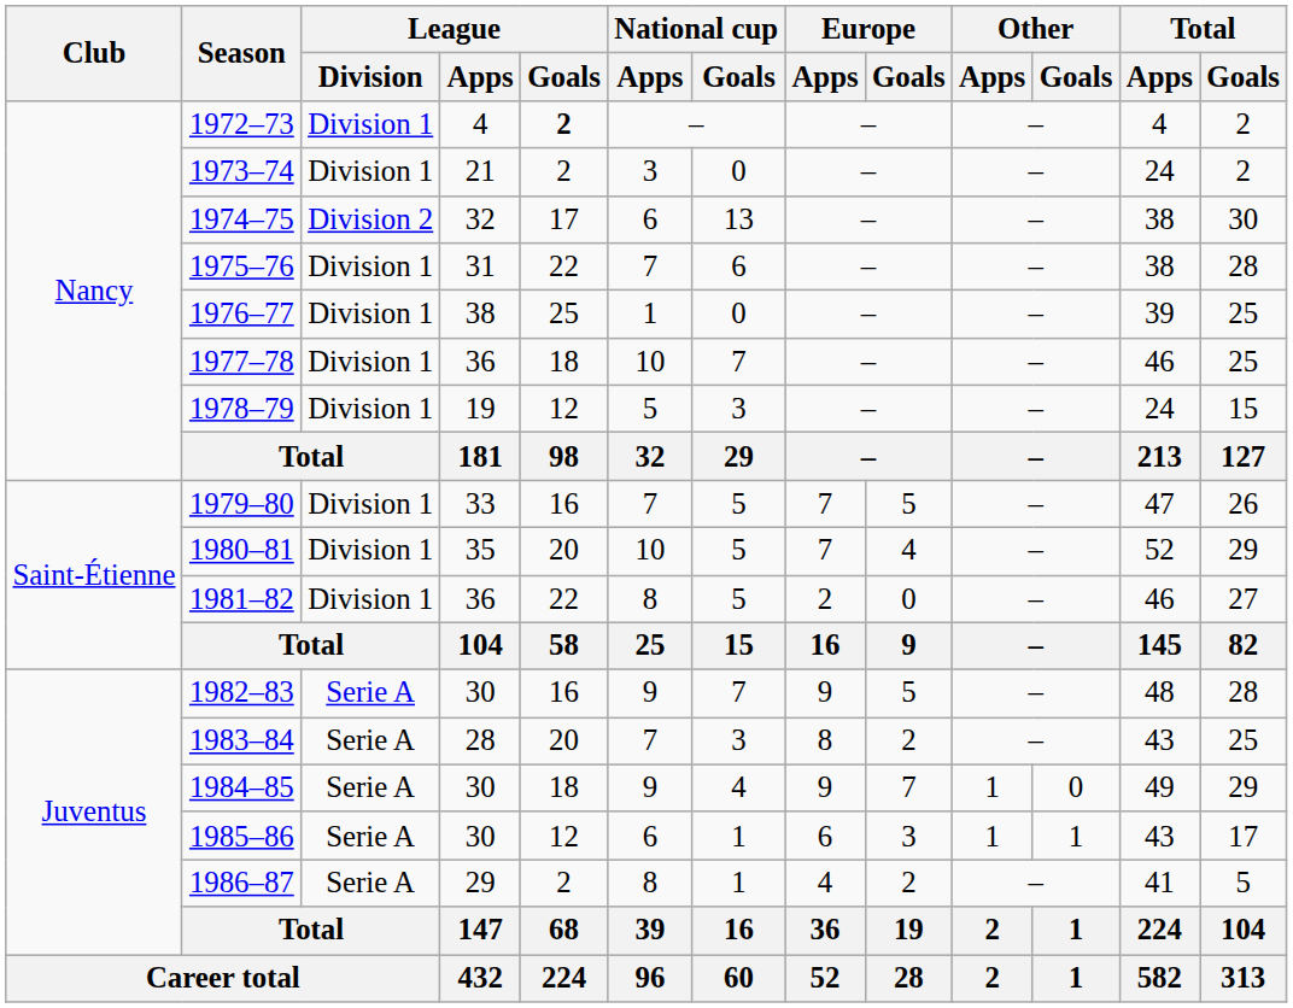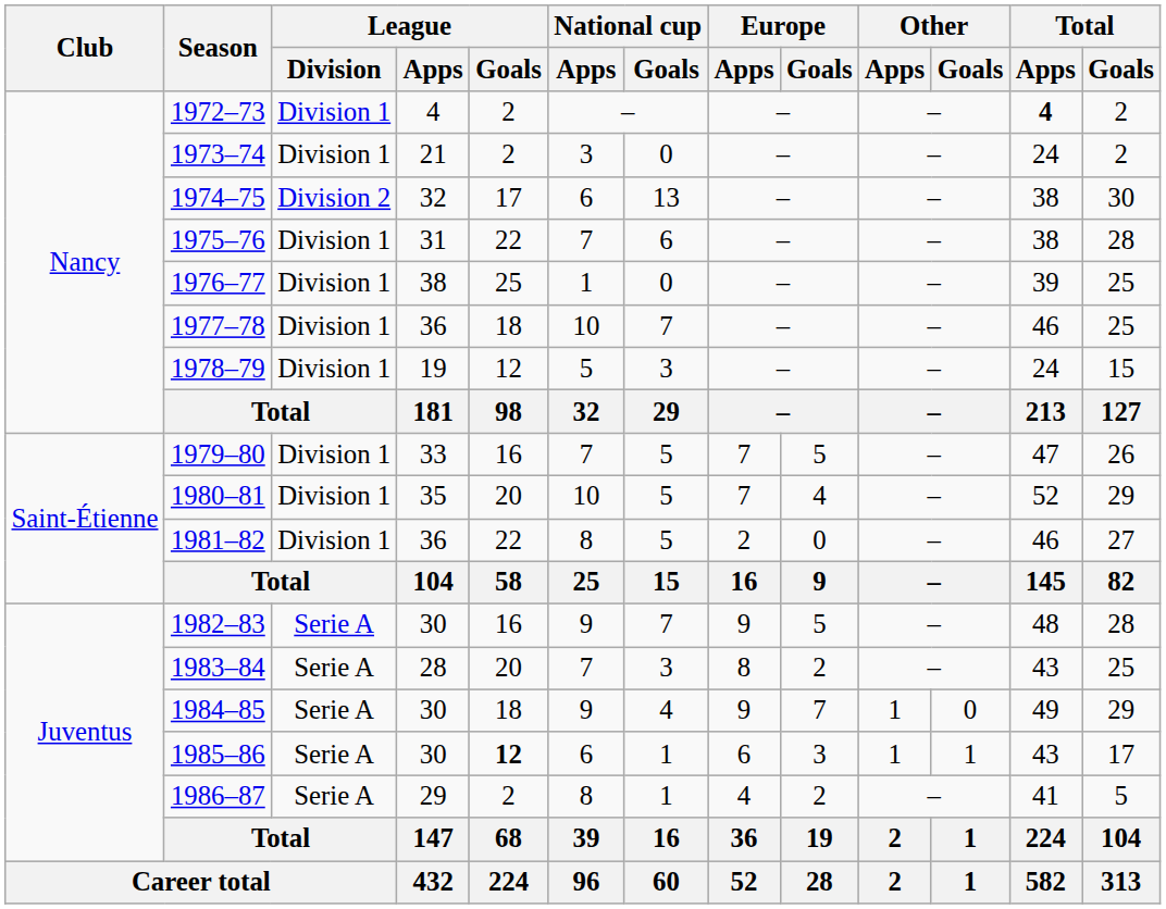 <table class=wikitable style=text-align:center>
 <tr>
 <th rowspan="2">Club</th>
 <th rowspan="2">Season</th>
 <th colspan="3">League</th>
 <th colspan="2">National cup</th>
 <th colspan="2">Europe</th>
 <th colspan="2">Other</th>
 <th colspan="2">Total</th>
 </tr>
 <tr>
 <th>Division</th>
 <th>Apps</th>
 <th>Goals</th>
 <th>Apps</th>
 <th>Goals</th>
 <th>Apps</th>
 <th>Goals</th>
 <th>Apps</th>
 <th>Goals</th>
 <th>Apps</th>
 <th>Goals</th>
 </tr>
 <tr>
 <td rowspan="8"><a href='#'>Nancy</a></td>
 <td><a href='#'>1972–73</a></td>
 <td><a href='#'>Division 1</a></td>
 <td>4</td>
-<td><strong>2</strong></td>
+<td>2</td>
 <td colspan="2">–</td>
 <td colspan="2">–</td>
 <td colspan="2">–</td>
-<td>4</td>
+<td><strong>4</strong></td>
 <td>2</td>
 </tr>
 <tr>
 <td><a href='#'>1973–74</a></td>
 <td>Division 1</td>
 <td>21</td>
 <td>2</td>
 <td>3</td>
 <td>0</td>
 <td colspan="2">–</td>
 <td colspan="2">–</td>
 <td>24</td>
 <td>2</td>
 </tr>
 <tr>
 <td><a href='#'>1974–75</a></td>
 <td><a href='#'>Division 2</a></td>
 <td>32</td>
 <td>17</td>
 <td>6</td>
 <td>13</td>
 <td colspan="2">–</td>
 <td colspan="2">–</td>
 <td>38</td>
 <td>30</td>
 </tr>
 <tr>
 <td><a href='#'>1975–76</a></td>
 <td>Division 1</td>
 <td>31</td>
 <td>22</td>
 <td>7</td>
 <td>6</td>
 <td colspan="2">–</td>
 <td colspan="2">–</td>
 <td>38</td>
 <td>28</td>
 </tr>
 <tr>
 <td><a href='#'>1976–77</a></td>
 <td>Division 1</td>
 <td>38</td>
 <td>25</td>
 <td>1</td>
 <td>0</td>
 <td colspan="2">–</td>
 <td colspan="2">–</td>
 <td>39</td>
 <td>25</td>
 </tr>
 <tr>
 <td><a href='#'>1977–78</a></td>
 <td>Division 1</td>
 <td>36</td>
 <td>18</td>
 <td>10</td>
 <td>7</td>
 <td colspan="2">–</td>
 <td colspan="2">–</td>
 <td>46</td>
 <td>25</td>
 </tr>
 <tr>
 <td><a href='#'>1978–79</a></td>
 <td>Division 1</td>
 <td>19</td>
 <td>12</td>
 <td>5</td>
 <td>3</td>
 <td colspan="2">–</td>
 <td colspan="2">–</td>
 <td>24</td>
 <td>15</td>
 </tr>
 <tr>
 <th colspan="2">Total</th>
 <th>181</th>
 <th>98</th>
 <th>32</th>
 <th>29</th>
 <th colspan="2">–</th>
 <th colspan="2">–</th>
 <th>213</th>
 <th>127</th>
 </tr>
 <tr>
 <td rowspan="4"><a href='#'>Saint-Étienne</a></td>
 <td><a href='#'>1979–80</a></td>
 <td>Division 1</td>
 <td>33</td>
 <td>16</td>
 <td>7</td>
 <td>5</td>
 <td>7</td>
 <td>5</td>
 <td colspan="2">–</td>
 <td>47</td>
 <td>26</td>
 </tr>
 <tr>
 <td><a href='#'>1980–81</a></td>
 <td>Division 1</td>
 <td>35</td>
 <td>20</td>
 <td>10</td>
 <td>5</td>
 <td>7</td>
 <td>4</td>
 <td colspan="2">–</td>
 <td>52</td>
 <td>29</td>
 </tr>
 <tr>
 <td><a href='#'>1981–82</a></td>
 <td>Division 1</td>
 <td>36</td>
 <td>22</td>
 <td>8</td>
 <td>5</td>
 <td>2</td>
 <td>0</td>
 <td colspan="2">–</td>
 <td>46</td>
 <td>27</td>
 </tr>
 <tr>
 <th colspan="2">Total</th>
 <th>104</th>
 <th>58</th>
 <th>25</th>
 <th>15</th>
 <th>16</th>
 <th>9</th>
 <th colspan="2">–</th>
 <th>145</th>
 <th>82</th>
 </tr>
 <tr>
 <td rowspan="6"><a href='#'>Juventus</a></td>
 <td><a href='#'>1982–83</a></td>
 <td><a href='#'>Serie A</a></td>
 <td>30</td>
 <td>16</td>
 <td>9</td>
 <td>7</td>
 <td>9</td>
 <td>5</td>
 <td colspan="2">–</td>
 <td>48</td>
 <td>28</td>
 </tr>
 <tr>
 <td><a href='#'>1983–84</a></td>
 <td>Serie A</td>
 <td>28</td>
 <td>20</td>
 <td>7</td>
 <td>3</td>
 <td>8</td>
 <td>2</td>
 <td colspan="2">–</td>
 <td>43</td>
 <td>25</td>
 </tr>
 <tr>
 <td><a href='#'>1984–85</a></td>
 <td>Serie A</td>
 <td>30</td>
 <td>18</td>
 <td>9</td>
 <td>4</td>
 <td>9</td>
 <td>7</td>
 <td>1</td>
 <td>0</td>
 <td>49</td>
 <td>29</td>
 </tr>
 <tr>
 <td><a href='#'>1985–86</a></td>
 <td>Serie A</td>
 <td>30</td>
-<td>12</td>
+<td><strong>12</strong></td>
 <td>6</td>
 <td>1</td>
 <td>6</td>
 <td>3</td>
 <td>1</td>
 <td>1</td>
 <td>43</td>
 <td>17</td>
 </tr>
 <tr>
 <td><a href='#'>1986–87</a></td>
 <td>Serie A</td>
 <td>29</td>
 <td>2</td>
 <td>8</td>
 <td>1</td>
 <td>4</td>
 <td>2</td>
 <td colspan="2">–</td>
 <td>41</td>
 <td>5</td>
 </tr>
 <tr>
 <th colspan="2">Total</th>
 <th>147</th>
 <th>68</th>
 <th>39</th>
 <th>16</th>
 <th>36</th>
 <th>19</th>
 <th>2</th>
 <th>1</th>
 <th>224</th>
 <th>104</th>
 </tr>
 <tr>
 <th colspan="3">Career total</th>
 <th>432</th>
 <th>224</th>
 <th>96</th>
 <th>60</th>
 <th>52</th>
 <th>28</th>
 <th>2</th>
 <th>1</th>
 <th>582</th>
 <th>313</th>
 </tr>
 </table>
